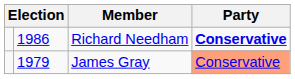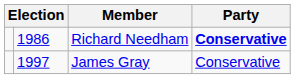 <table class="wikitable">
 <tr>
 <th colspan="2">Election</th>
 <th>Member</th>
 <th>Party</th>
 </tr>
 <tr>
 <td style="color:inherit;background-color: "></td>
 <td><a href='#'>1986</a></td>
 <td><a href='#'>Richard Needham</a></td>
 <td><strong><a href='#'>Conservative</a></strong></td>
 </tr>
 <tr>
 <td style="color:inherit;background-color: "></td>
-<td><a href='#'>1979</a></td>
+<td><a href='#'>1997</a></td>
 <td><a href='#'>James Gray</a></td>
-<td style="background: lightsalmon;"><a href='#'>Conservative</a></td>
+<td><a href='#'>Conservative</a></td>
 </tr>
 </table>
